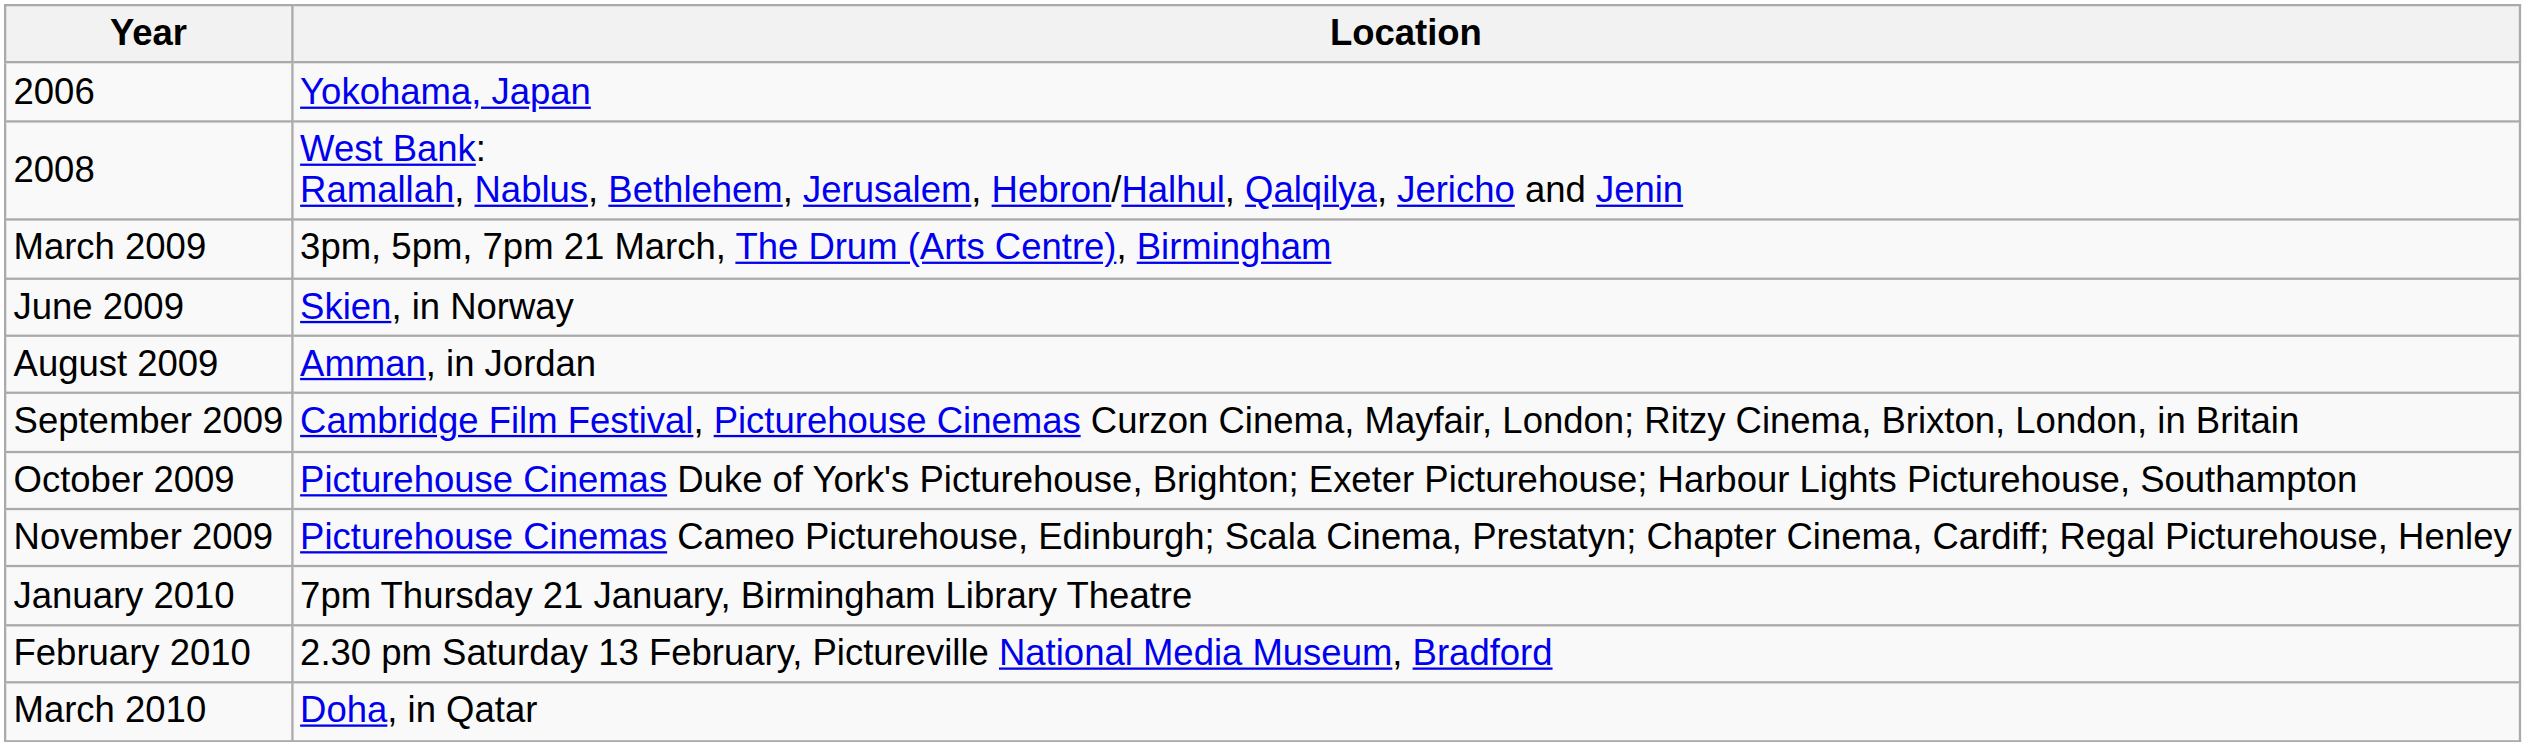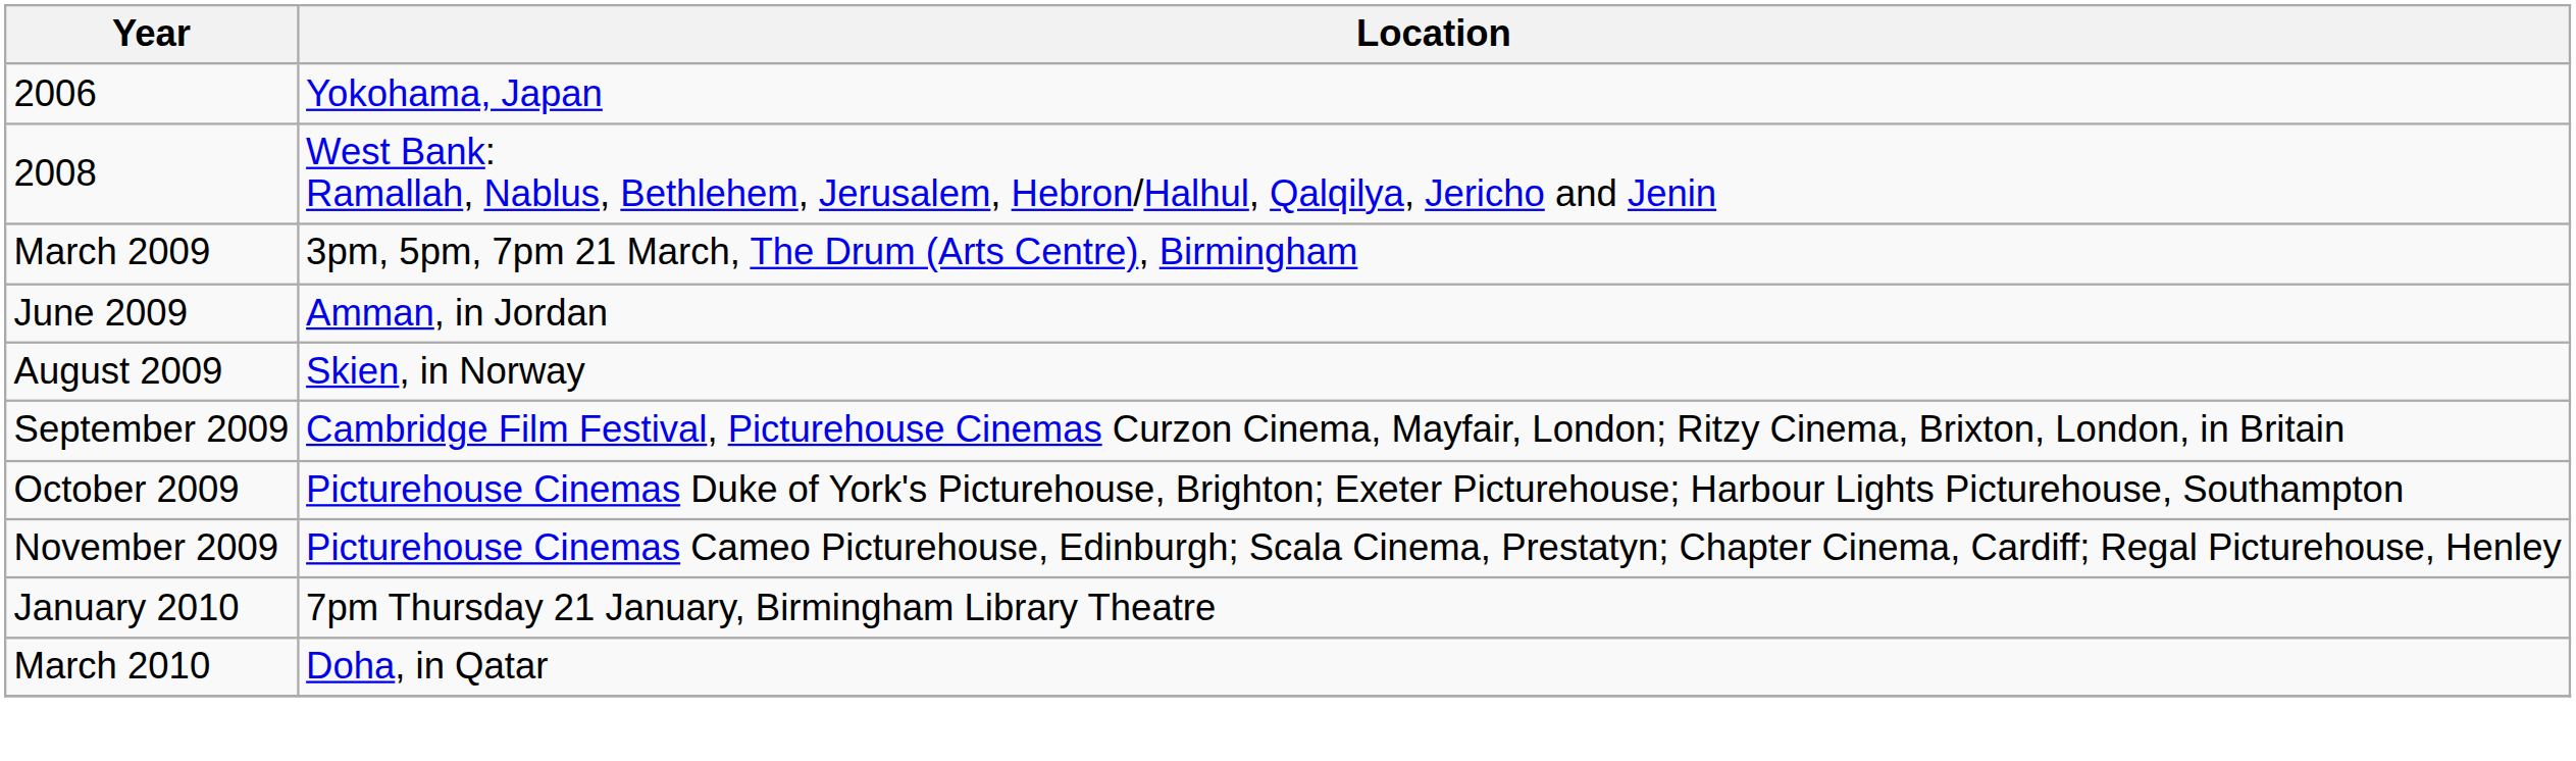 <table class="wikitable" border="1">
 <tr>
 <th>Year</th>
 <th>Location</th>
 </tr>
 <tr>
 <td>2006</td>
 <td><a href='#'>Yokohama, Japan</a></td>
 </tr>
 <tr>
 <td>2008</td>
 <td><a href='#'>West Bank</a>:<br><a href='#'>Ramallah</a>, <a href='#'>Nablus</a>, <a href='#'>Bethlehem</a>, <a href='#'>Jerusalem</a>,  <a href='#'>Hebron</a>/<a href='#'>Halhul</a>, <a href='#'>Qalqilya</a>, <a href='#'>Jericho</a> and <a href='#'>Jenin</a></td>
 </tr>
 <tr>
 <td>March 2009</td>
 <td>3pm, 5pm, 7pm 21 March, <a href='#'>The Drum (Arts Centre)</a>, <a href='#'>Birmingham</a></td>
 </tr>
 <tr>
 <td>June 2009</td>
-<td><a href='#'>Skien</a>, in Norway</td>
+<td><a href='#'>Amman</a>, in Jordan</td>
 </tr>
 <tr>
 <td>August 2009</td>
-<td><a href='#'>Amman</a>, in Jordan</td>
+<td><a href='#'>Skien</a>, in Norway</td>
 </tr>
 <tr>
 <td>September 2009</td>
 <td><a href='#'>Cambridge Film Festival</a>, <a href='#'>Picturehouse Cinemas</a> Curzon Cinema, Mayfair, London; Ritzy Cinema, Brixton, London, in Britain</td>
 </tr>
 <tr>
 <td>October 2009</td>
 <td><a href='#'>Picturehouse Cinemas</a> Duke of York's Picturehouse, Brighton; Exeter Picturehouse; Harbour Lights Picturehouse, Southampton</td>
 </tr>
 <tr>
 <td>November 2009</td>
 <td><a href='#'>Picturehouse Cinemas</a> Cameo Picturehouse, Edinburgh; Scala Cinema, Prestatyn; Chapter Cinema, Cardiff; Regal Picturehouse, Henley</td>
 </tr>
 <tr>
 <td>January 2010</td>
 <td>7pm Thursday 21 January, Birmingham Library Theatre</td>
 </tr>
 <tr>
-<td>February 2010</td>
-<td>2.30 pm Saturday 13 February, Pictureville <a href='#'>National Media Museum</a>, <a href='#'>Bradford</a></td>
-</tr>
-<tr>
 <td>March 2010</td>
 <td><a href='#'>Doha</a>, in Qatar</td>
 </tr>
 <tr>
 </tr>
 </table>
